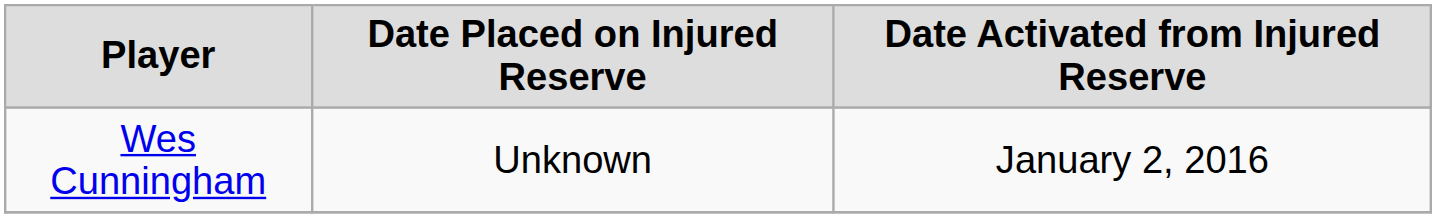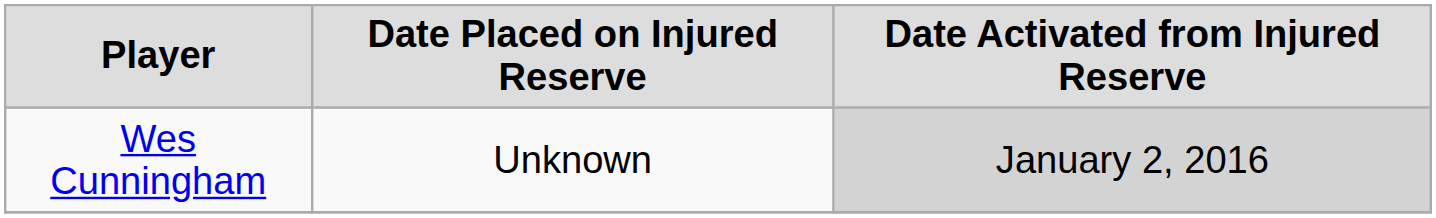 <table class="wikitable" style="text-align: center; width: 600px; height: 40px;">
 <tr align="center" bgcolor="#dddddd">
 <td><strong>Player</strong></td>
 <td><strong>Date Placed on Injured Reserve</strong></td>
 <td><strong>Date Activated from Injured Reserve</strong></td>
 </tr>
 <tr>
 <td><a href='#'>Wes Cunningham</a></td>
 <td>Unknown</td>
-<td>January 2, 2016</td>
+<td style="background: lightgrey;">January 2, 2016</td>
 </tr>
 <tr>
 </tr>
 </table>
